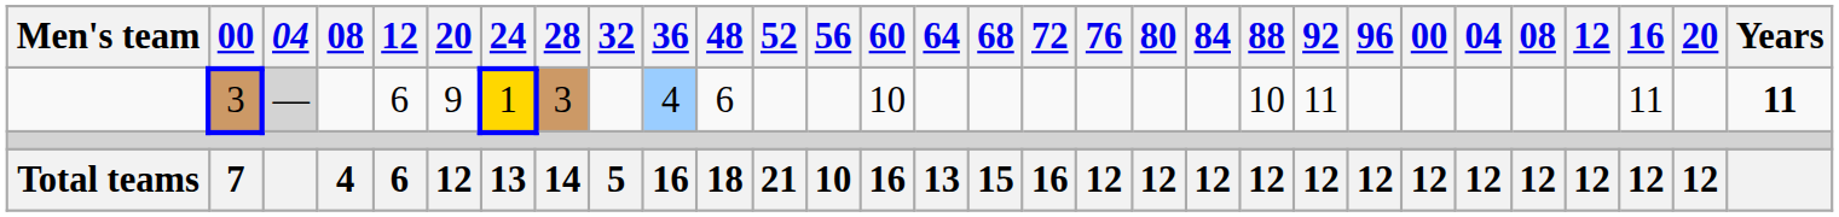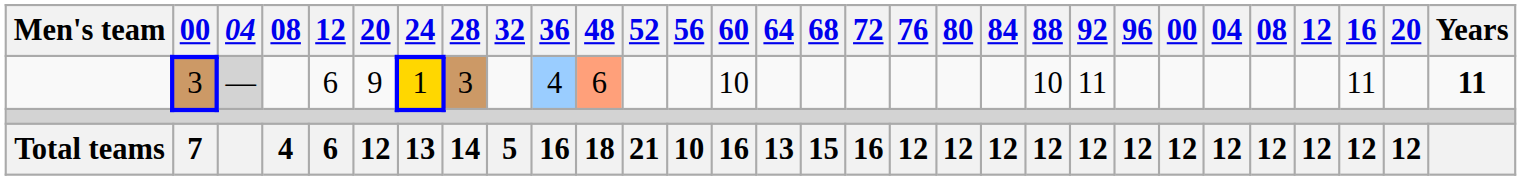 <table class="wikitable" style="text-align: center; font-size: 90%; margin-left: 1em;">
 <tr>
 <th>Men's team</th>
 <th><a href='#'>00</a></th>
 <th><em><a href='#'>04</a></em></th>
 <th><a href='#'>08</a></th>
 <th><a href='#'>12</a></th>
 <th><a href='#'>20</a></th>
 <th><a href='#'>24</a></th>
 <th><a href='#'>28</a></th>
 <th><a href='#'>32</a></th>
 <th><a href='#'>36</a></th>
 <th><a href='#'>48</a></th>
 <th><a href='#'>52</a></th>
 <th><a href='#'>56</a></th>
 <th><a href='#'>60</a></th>
 <th><a href='#'>64</a></th>
 <th><a href='#'>68</a></th>
 <th><a href='#'>72</a></th>
 <th><a href='#'>76</a></th>
 <th><a href='#'>80</a></th>
 <th><a href='#'>84</a></th>
 <th><a href='#'>88</a></th>
 <th><a href='#'>92</a></th>
 <th><a href='#'>96</a></th>
 <th><a href='#'>00</a></th>
 <th><a href='#'>04</a></th>
 <th><a href='#'>08</a></th>
 <th><a href='#'>12</a></th>
 <th><a href='#'>16</a></th>
 <th><a href='#'>20</a></th>
 <th>Years</th>
 </tr>
 <tr>
 <td style="text-align: left;"></td>
 <td style="border: 2px solid blue; background-color: #cc9966;">3</td>
 <td style="background-color: lightgray;">—</td>
 <td></td>
 <td>6</td>
 <td>9</td>
 <td style="border: 2px solid blue; background-color: gold;">1</td>
 <td style="background-color: #cc9966;">3</td>
 <td></td>
 <td style="background-color: #9acdff;">4</td>
-<td>6</td>
+<td style="background: lightsalmon;">6</td>
 <td></td>
 <td></td>
 <td>10</td>
 <td></td>
 <td></td>
 <td></td>
 <td></td>
 <td></td>
 <td></td>
 <td>10</td>
 <td>11</td>
 <td></td>
 <td></td>
 <td></td>
 <td></td>
 <td></td>
 <td>11</td>
 <td></td>
 <td><strong>11</strong></td>
 </tr>
 <tr style="background-color: lightgrey;">
 <td colspan="30"></td>
 </tr>
 <tr>
 <th>Total teams</th>
 <th>7</th>
 <th></th>
 <th>4</th>
 <th>6</th>
 <th>12</th>
 <th>13</th>
 <th>14</th>
 <th>5</th>
 <th>16</th>
 <th>18</th>
 <th>21</th>
 <th>10</th>
 <th>16</th>
 <th>13</th>
 <th>15</th>
 <th>16</th>
 <th>12</th>
 <th>12</th>
 <th>12</th>
 <th>12</th>
 <th>12</th>
 <th>12</th>
 <th>12</th>
 <th>12</th>
 <th>12</th>
 <th>12</th>
 <th>12</th>
 <th>12</th>
 <th></th>
 </tr>
 </table>
